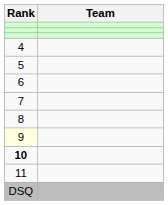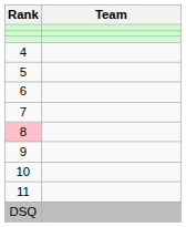 <table class="wikitable">
 <tr>
 <th>Rank</th>
 <th width=170>Team</th>
 </tr>
 <tr bgcolor=ccffcc>
 <td align=center></td>
 <td></td>
 </tr>
 <tr bgcolor=ccffcc>
 <td align=center></td>
 <td></td>
 </tr>
 <tr bgcolor=ccffcc>
 <td align=center></td>
 <td></td>
 </tr>
 <tr>
 <td align=center>4</td>
 <td></td>
 </tr>
 <tr>
 <td align=center>5</td>
 <td></td>
 </tr>
 <tr>
 <td align=center>6</td>
 <td></td>
 </tr>
 <tr>
 <td align=center>7</td>
 <td></td>
 </tr>
 <tr>
-<td align=center>8</td>
+<td align=center style="background: pink;">8</td>
 <td></td>
 </tr>
 <tr>
-<td align=center style="background: lightyellow;">9</td>
+<td align=center>9</td>
 <td></td>
 </tr>
 <tr>
-<td align=center><strong>10</strong></td>
+<td align=center>10</td>
 <td></td>
 </tr>
 <tr>
 <td align=center>11</td>
 <td></td>
 </tr>
 <tr bgcolor=bdbdbd>
 <td align=center>DSQ</td>
 <td></td>
 </tr>
 </table>
